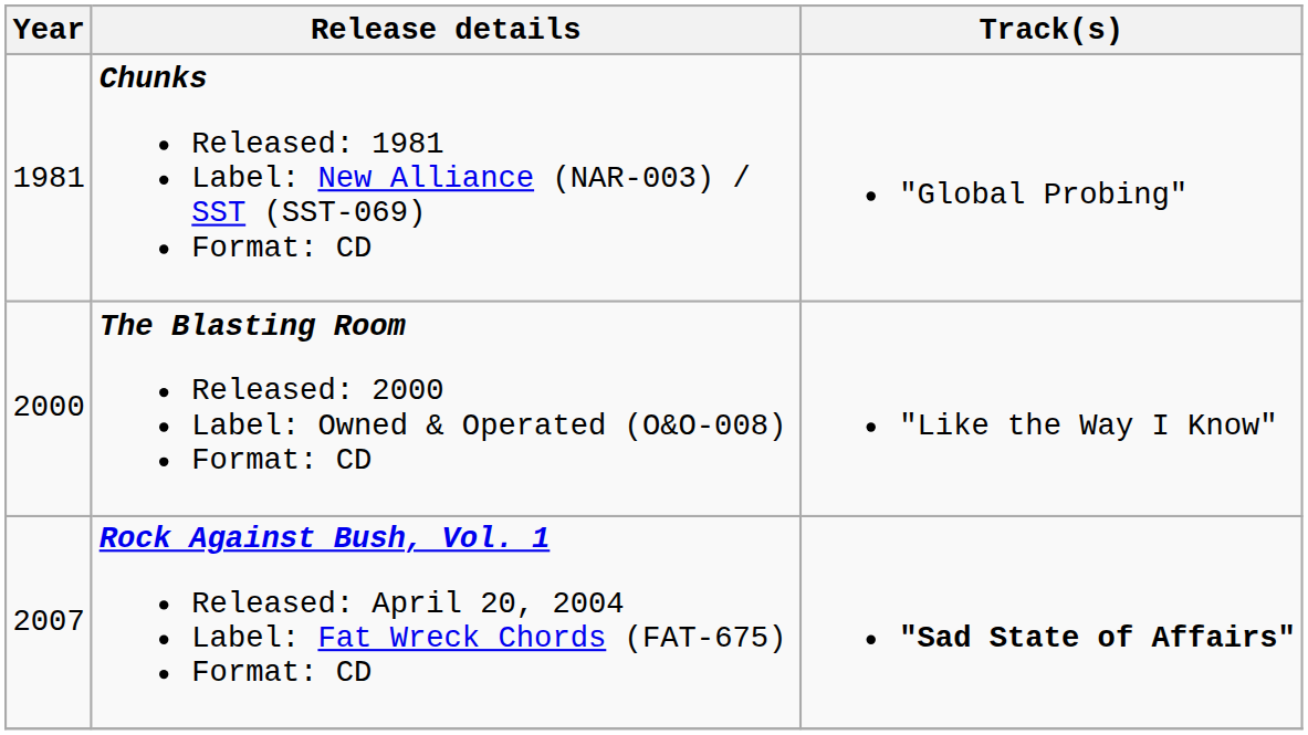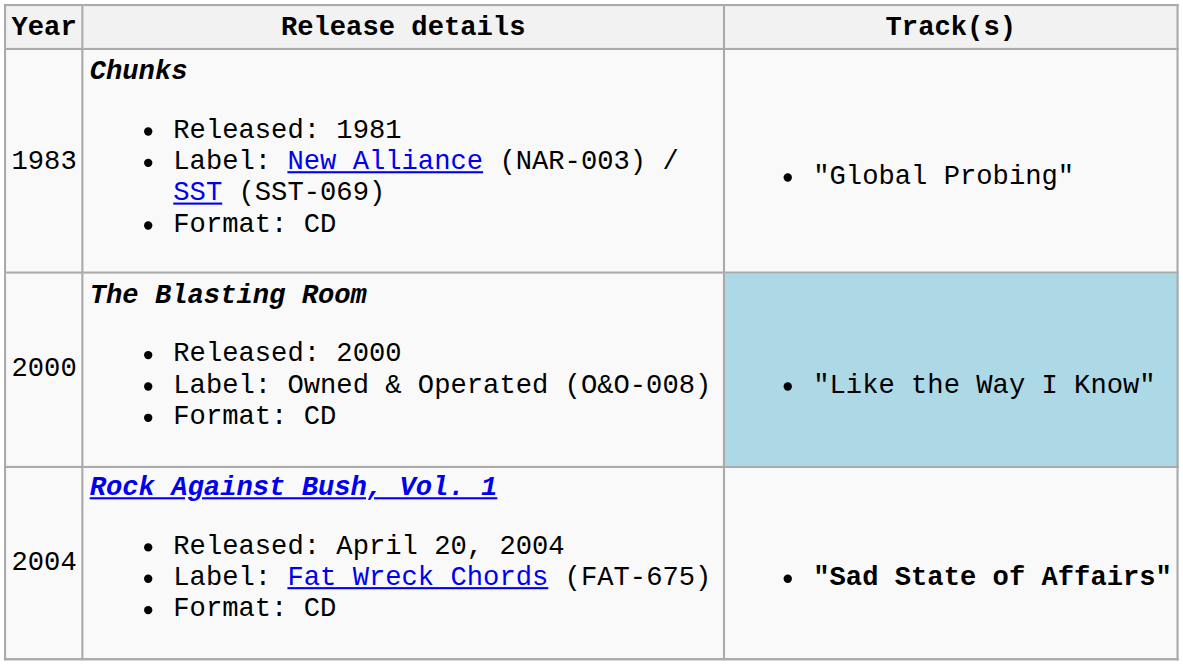 <table class ="wikitable">
 <tr>
 <th>Year</th>
 <th width="300">Release details</th>
 <th>Track(s)</th>
 </tr>
 <tr>
-<td>1981</td>
+<td>1983</td>
 <td><strong><em>Chunks</em></strong><br><ul><li>Released: 1981</li><li>Label: <a href='#'>New Alliance</a> (NAR-003) / <a href='#'>SST</a> (SST-069)</li><li>Format: CD</li></ul></td>
 <td><br><ul><li>"Global Probing"</li></ul></td>
 </tr>
 <tr>
 <td>2000</td>
 <td><strong><em>The Blasting Room</em></strong><br><ul><li>Released: 2000</li><li>Label: Owned & Operated (O&O-008)</li><li>Format: CD</li></ul></td>
-<td><br><ul><li>"Like the Way I Know"</li></ul></td>
+<td style="background: lightblue;"><br><ul><li>"Like the Way I Know"</li></ul></td>
 </tr>
 <tr>
-<td>2007</td>
+<td>2004</td>
 <td><strong><em><a href='#'>Rock Against Bush, Vol. 1</a></em></strong><br><ul><li>Released: April 20, 2004</li><li>Label: <a href='#'>Fat Wreck Chords</a> (FAT-675)</li><li>Format: CD</li></ul></td>
 <td><strong><br><ul><li>"Sad State of Affairs"</li></ul></strong></td>
 </tr>
 <tr>
 </tr>
 </table>
